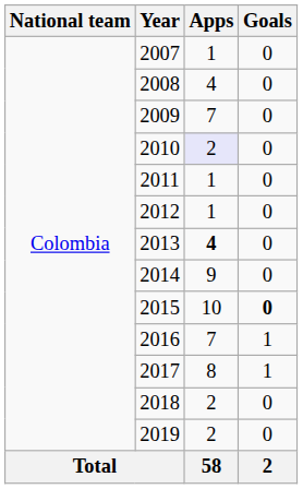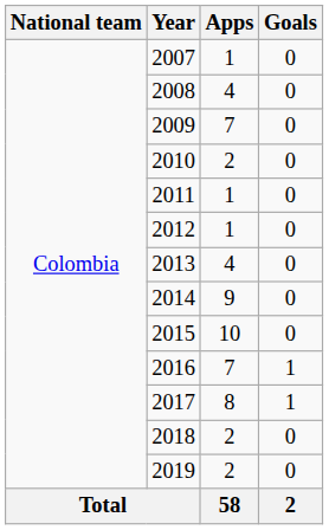 <table class="wikitable" style="text-align: center;">
 <tr>
 <th>National team</th>
 <th>Year</th>
 <th>Apps</th>
 <th>Goals</th>
 </tr>
 <tr>
 <td rowspan=13><a href='#'>Colombia</a></td>
 <td>2007</td>
 <td>1</td>
 <td>0</td>
 </tr>
 <tr>
 <td>2008</td>
 <td>4</td>
 <td>0</td>
 </tr>
 <tr>
 <td>2009</td>
 <td>7</td>
 <td>0</td>
 </tr>
 <tr>
 <td>2010</td>
-<td style="background: lavender;">2</td>
+<td>2</td>
 <td>0</td>
 </tr>
 <tr>
 <td>2011</td>
 <td>1</td>
 <td>0</td>
 </tr>
 <tr>
 <td>2012</td>
 <td>1</td>
 <td>0</td>
 </tr>
 <tr>
 <td>2013</td>
-<td><strong>4</strong></td>
+<td>4</td>
 <td>0</td>
 </tr>
 <tr>
 <td>2014</td>
 <td>9</td>
 <td>0</td>
 </tr>
 <tr>
 <td>2015</td>
 <td>10</td>
-<td><strong>0</strong></td>
+<td>0</td>
 </tr>
 <tr>
 <td>2016</td>
 <td>7</td>
 <td>1</td>
 </tr>
 <tr>
 <td>2017</td>
 <td>8</td>
 <td>1</td>
 </tr>
 <tr>
 <td>2018</td>
 <td>2</td>
 <td>0</td>
 </tr>
 <tr>
 <td>2019</td>
 <td>2</td>
 <td>0</td>
 </tr>
 <tr>
 <th colspan=2>Total</th>
 <th>58</th>
 <th>2</th>
 </tr>
 </table>
